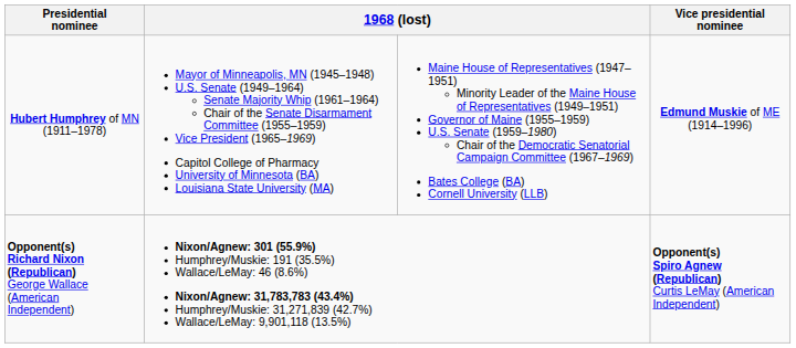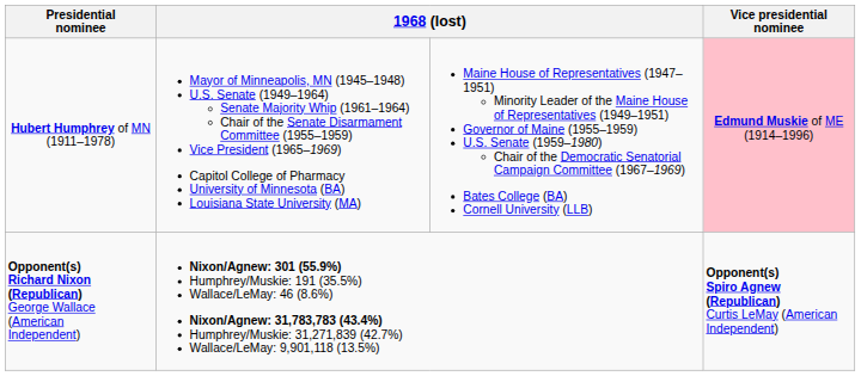 <table class="wikitable">
 <tr>
 <th width=190>Presidential<br>nominee</th>
 <th colspan=2><big><a href='#'>1968</a> (lost)</big></th>
 <th width=190>Vice presidential<br>nominee</th>
 </tr>
 <tr>
 <td style="text-align:center;"><strong><a href='#'>Hubert Humphrey</a></strong> of <a href='#'>MN</a><br>(1911–1978)<br></td>
 <td width=350><br><ul><li><a href='#'>Mayor of Minneapolis, MN</a> (1945–1948)</li><li><a href='#'>U.S. Senate</a> (1949–1964)<ul><li><a href='#'>Senate Majority Whip</a> (1961–1964)</li><li>Chair of the <a href='#'>Senate Disarmament Committee</a> (1955–1959)</li></ul></li><li><a href='#'>Vice President</a> (1965–<em>1969</em>)</li></ul><ul><li>Capitol College of Pharmacy</li><li><a href='#'>University of Minnesota</a> (<a href='#'>BA</a>)</li><li><a href='#'>Louisiana State University</a> (<a href='#'>MA</a>)</li></ul></td>
 <td width=350><br><ul><li><a href='#'>Maine House of Representatives</a> (1947–1951)<ul><li>Minority Leader of the <a href='#'>Maine House of Representatives</a> (1949–1951)</li></ul></li><li><a href='#'>Governor of Maine</a> (1955–1959)</li><li><a href='#'>U.S. Senate</a> (1959–<em>1980</em>)<ul><li>Chair of the <a href='#'>Democratic Senatorial Campaign Committee</a> (1967–<em>1969</em>)</li></ul></li></ul><ul><li><a href='#'>Bates College</a> (<a href='#'>BA</a>)</li><li><a href='#'>Cornell University</a> (<a href='#'>LLB</a>)</li></ul></td>
-<td style="text-align:center;"><strong><a href='#'>Edmund Muskie</a></strong> of <a href='#'>ME</a><br>(1914–1996)<br><br></td>
+<td style="background: pink; text-align:center;"><strong><a href='#'>Edmund Muskie</a></strong> of <a href='#'>ME</a><br>(1914–1996)<br><br></td>
 </tr>
 <tr>
 <td><strong>Opponent(s)</strong><br><strong><a href='#'>Richard Nixon</a> (<a href='#'>Republican</a>)</strong><br><a href='#'>George Wallace</a> (<a href='#'>American<br>Independent</a>)</td>
 <td colspan=2><br><ul><li><strong>Nixon/Agnew: 301 (55.9%)</strong></li><li>Humphrey/Muskie: 191 (35.5%)</li><li>Wallace/LeMay: 46 (8.6%)</li></ul><ul><li><strong>Nixon/Agnew: 31,783,783 (43.4%)</strong></li><li>Humphrey/Muskie: 31,271,839 (42.7%)</li><li>Wallace/LeMay: 9,901,118 (13.5%)</li></ul></td>
 <td><strong>Opponent(s)</strong><br><strong><a href='#'>Spiro Agnew</a> (<a href='#'>Republican</a>)</strong><br><a href='#'>Curtis LeMay</a> (<a href='#'>American<br>Independent</a>)</td>
 </tr>
 </table>
